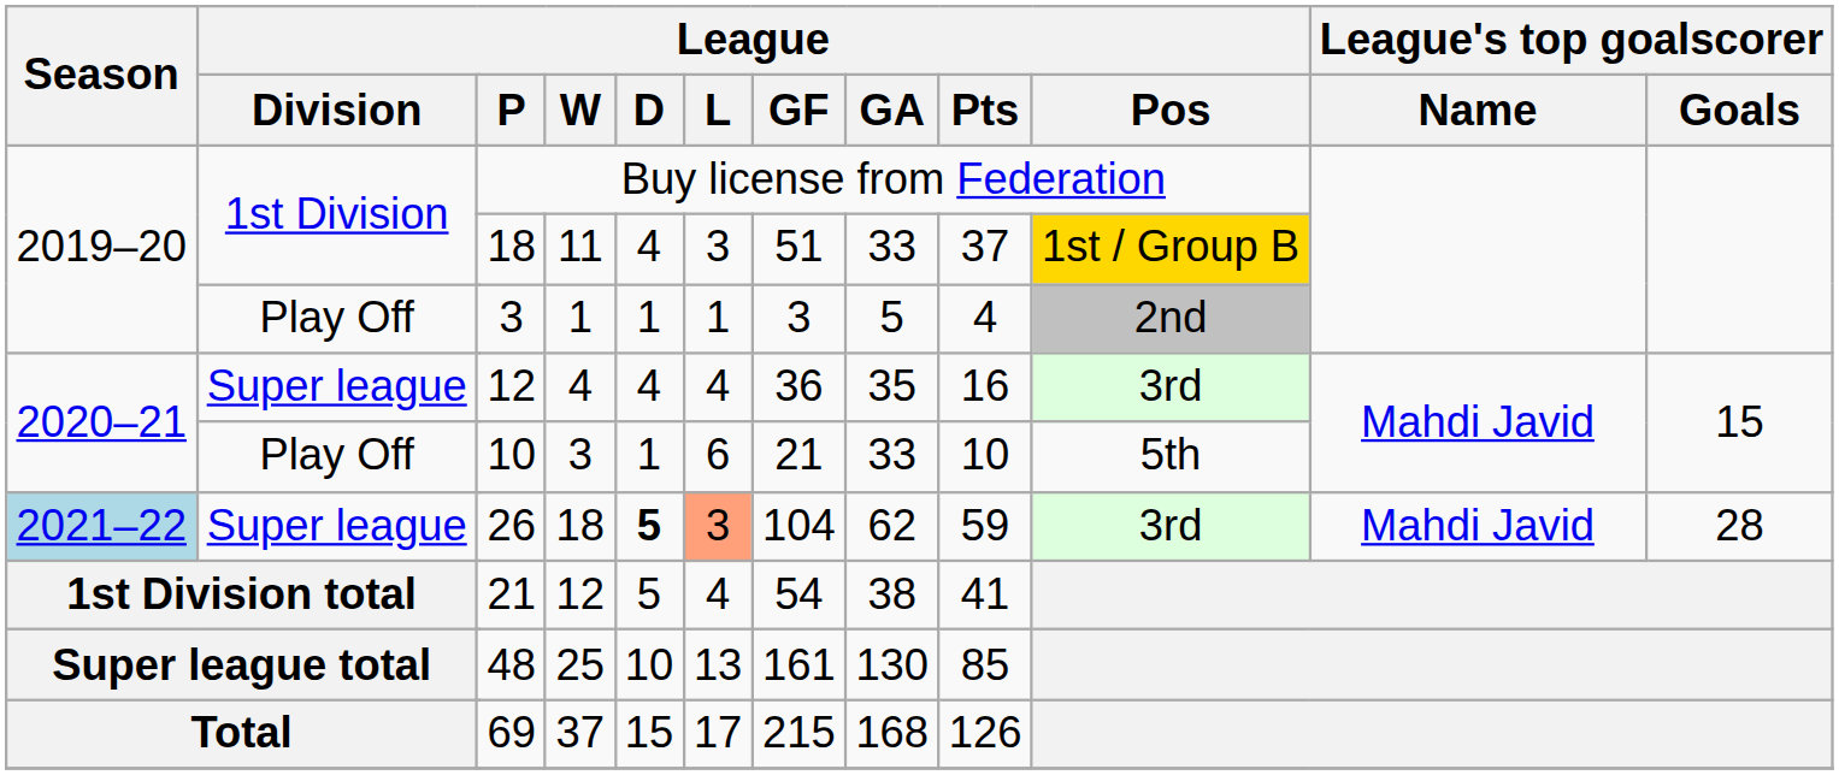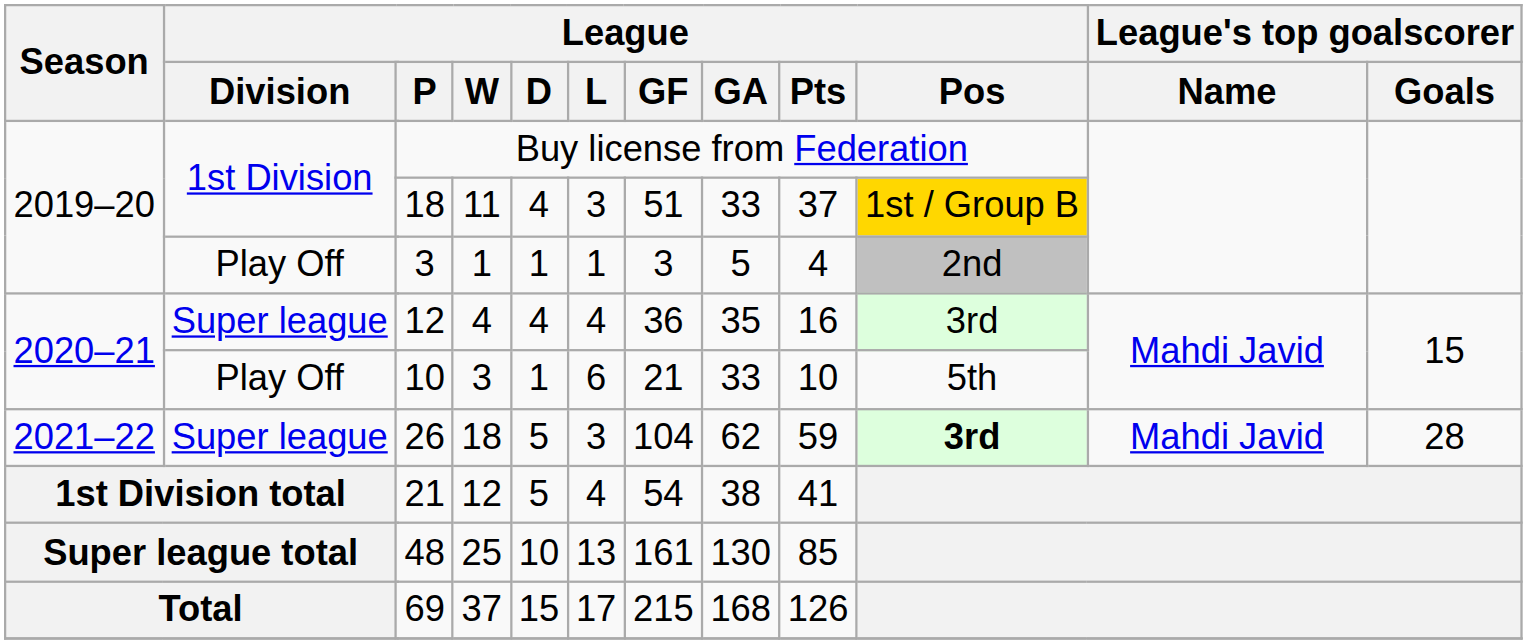 <table class="wikitable" style="text-align: center">
 <tr>
 <th rowspan=2>Season</th>
 <th colspan=10>League</th>
 <th colspan=2>League's top goalscorer</th>
 </tr>
 <tr>
 <th colspan=2>Division</th>
 <th>P</th>
 <th>W</th>
 <th>D</th>
 <th>L</th>
 <th>GF</th>
 <th>GA</th>
 <th>Pts</th>
 <th>Pos</th>
 <th>Name</th>
 <th>Goals</th>
 </tr>
 <tr>
 <td rowspan=3>2019–20</td>
 <td colspan=2 rowspan=2><a href='#'>1st Division</a></td>
 <td colspan=8>Buy license from <a href='#'>Federation</a></td>
 <td rowspan=3></td>
 <td rowspan=3></td>
 </tr>
 <tr>
 <td>18</td>
 <td>11</td>
 <td>4</td>
 <td>3</td>
 <td>51</td>
 <td>33</td>
 <td>37</td>
 <td bgcolor=gold>1st / Group B</td>
 </tr>
 <tr>
 <td colspan=2>Play Off</td>
 <td>3</td>
 <td>1</td>
 <td>1</td>
 <td>1</td>
 <td>3</td>
 <td>5</td>
 <td>4</td>
 <td bgcolor=silver>2nd</td>
 </tr>
 <tr>
 <td rowspan=2><a href='#'>2020–21</a></td>
 <td colspan=2><a href='#'>Super league</a></td>
 <td>12</td>
 <td>4</td>
 <td>4</td>
 <td>4</td>
 <td>36</td>
 <td>35</td>
 <td>16</td>
 <td bgcolor="#DDFFDD">3rd</td>
 <td rowspan=2><a href='#'>Mahdi Javid</a></td>
 <td rowspan=2>15</td>
 </tr>
 <tr>
 <td colspan=2>Play Off</td>
 <td>10</td>
 <td>3</td>
 <td>1</td>
 <td>6</td>
 <td>21</td>
 <td>33</td>
 <td>10</td>
 <td>5th</td>
 </tr>
 <tr>
-<td style="background: lightblue;"><a href='#'>2021–22</a></td>
+<td><a href='#'>2021–22</a></td>
 <td colspan=2><a href='#'>Super league</a></td>
 <td>26</td>
 <td>18</td>
-<td><strong>5</strong></td>
-<td style="background: lightsalmon;">3</td>
+<td>5</td>
+<td>3</td>
 <td>104</td>
 <td>62</td>
 <td>59</td>
-<td bgcolor="#DDFFDD">3rd</td>
+<td bgcolor="#DDFFDD"><strong>3rd</strong></td>
 <td><a href='#'>Mahdi Javid</a></td>
 <td>28</td>
 </tr>
 <tr>
 <th colspan=3>1st Division total</th>
 <td>21</td>
 <td>12</td>
 <td>5</td>
 <td>4</td>
 <td>54</td>
 <td>38</td>
 <td>41</td>
 <th colspan=5></th>
 </tr>
 <tr>
 <th colspan=3>Super league total</th>
 <td>48</td>
 <td>25</td>
 <td>10</td>
 <td>13</td>
 <td>161</td>
 <td>130</td>
 <td>85</td>
 <th colspan=5></th>
 </tr>
 <tr>
 <th colspan=3>Total</th>
 <td>69</td>
 <td>37</td>
 <td>15</td>
 <td>17</td>
 <td>215</td>
 <td>168</td>
 <td>126</td>
 <th colspan=5></th>
 </tr>
 <tr>
 </tr>
 </table>
